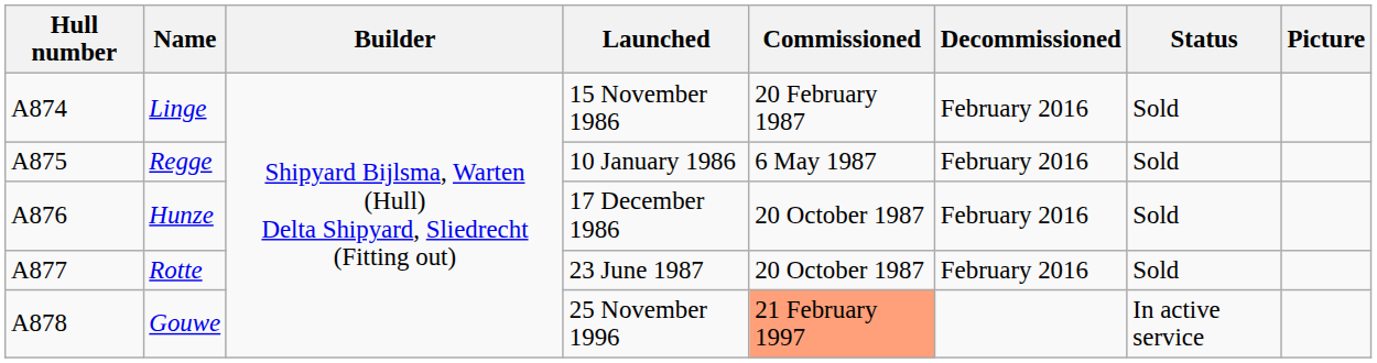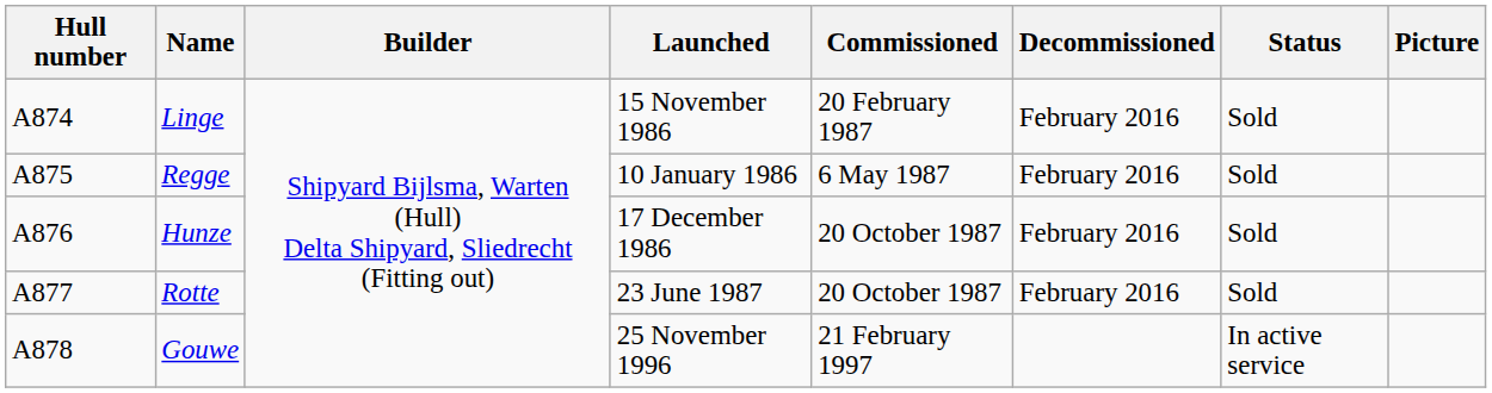 <table class="wikitable">
 <tr>
 <th>Hull number</th>
 <th>Name</th>
 <th>Builder</th>
 <th>Launched</th>
 <th>Commissioned</th>
 <th>Decommissioned</th>
 <th>Status</th>
 <th>Picture</th>
 </tr>
 <tr>
 <td>A874</td>
 <td><em><a href='#'>Linge</a></em></td>
 <td rowspan=5 align=center><a href='#'>Shipyard Bijlsma</a>, <a href='#'>Warten</a> (Hull)<br><a href='#'>Delta Shipyard</a>, <a href='#'>Sliedrecht</a> (Fitting out)</td>
 <td>15 November 1986</td>
 <td>20 February 1987</td>
 <td>February 2016</td>
 <td>Sold</td>
 <td></td>
 </tr>
 <tr>
 <td>A875</td>
 <td><em><a href='#'>Regge</a></em></td>
 <td>10 January 1986</td>
 <td>6 May 1987</td>
 <td>February 2016</td>
 <td>Sold</td>
 <td></td>
 </tr>
 <tr>
 <td>A876</td>
 <td><em><a href='#'>Hunze</a></em></td>
 <td>17 December 1986</td>
 <td>20 October 1987</td>
 <td>February 2016</td>
 <td>Sold</td>
 <td></td>
 </tr>
 <tr>
 <td>A877</td>
 <td><em><a href='#'>Rotte</a></em></td>
 <td>23 June 1987</td>
 <td>20 October 1987</td>
 <td>February 2016</td>
 <td>Sold</td>
 <td></td>
 </tr>
 <tr>
 <td>A878</td>
 <td><em><a href='#'>Gouwe</a></em></td>
 <td>25 November 1996</td>
-<td style="background: lightsalmon;">21 February 1997</td>
+<td>21 February 1997</td>
 <td></td>
 <td>In active service</td>
 <td></td>
 </tr>
 </table>
